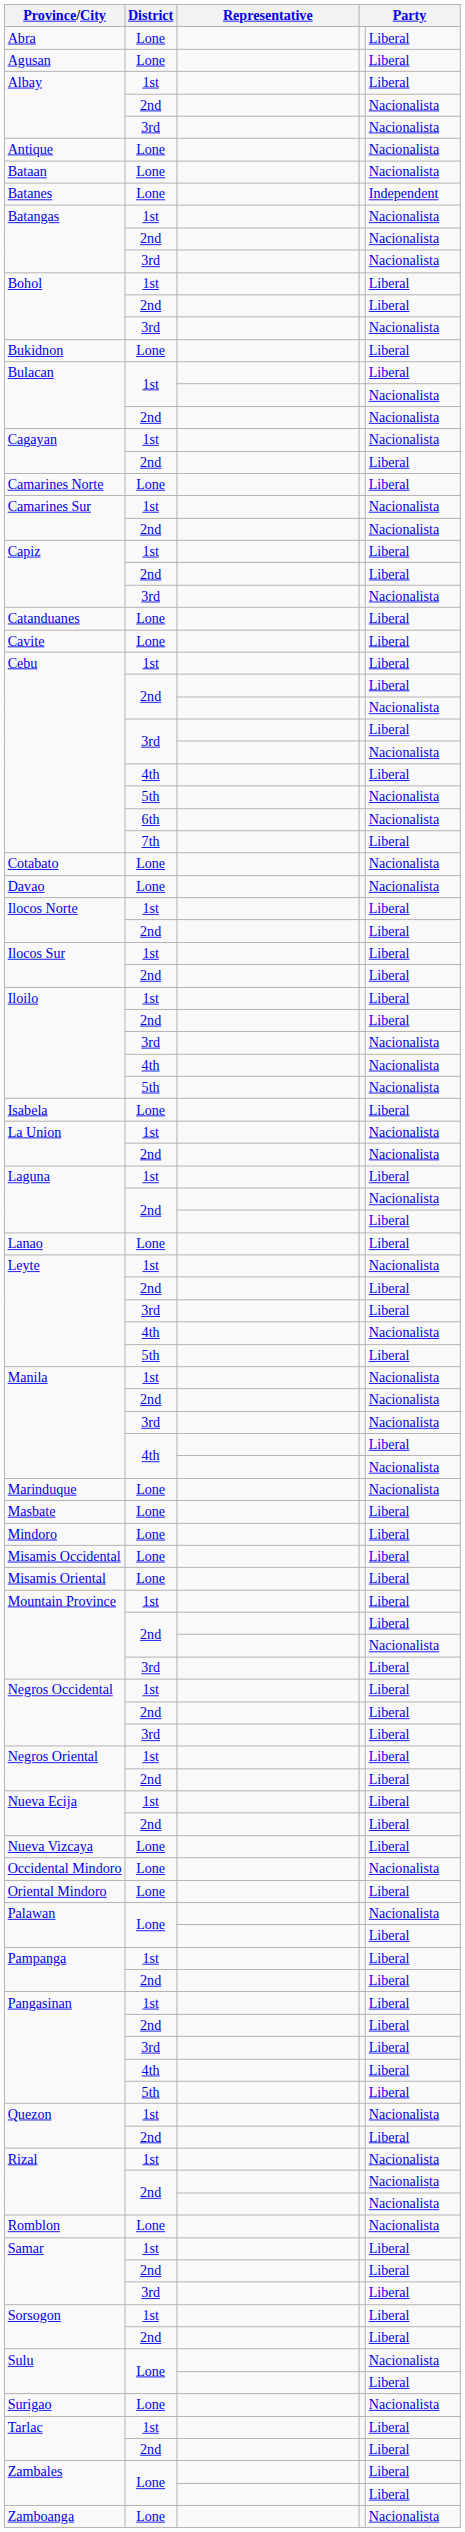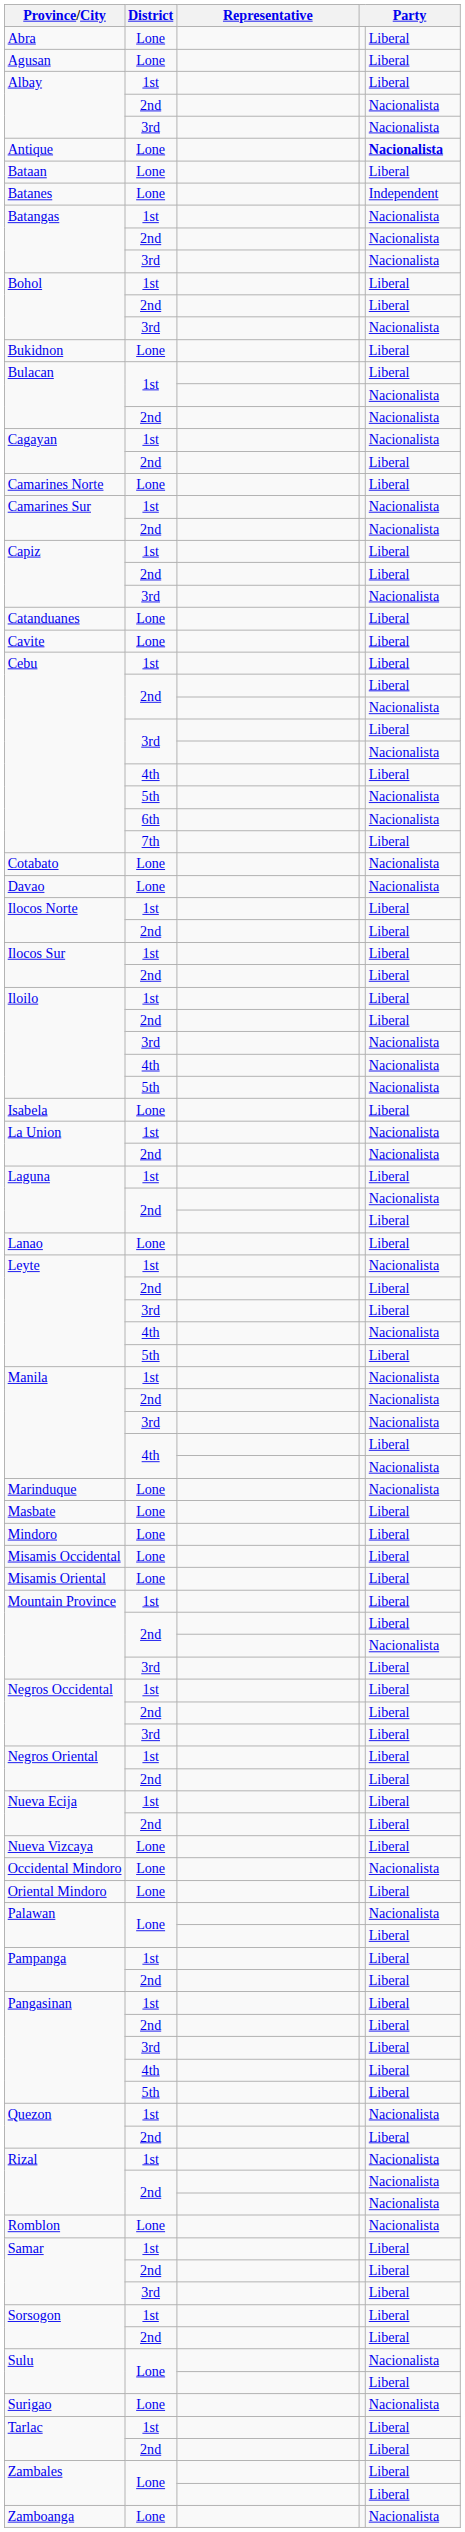 <table class="wikitable sortable">
 <tr>
 <th><a href='#'>Province</a>/<a href='#'>City</a></th>
 <th><a href='#'>District</a></th>
 <th width="200px"><a href='#'>Representative</a></th>
 <th colspan="2"><a href='#'>Party</a></th>
 </tr>
 <tr>
 <td valign="top"><a href='#'>Abra</a></td>
 <td align="center"><a href='#'>Lone</a></td>
 <td></td>
 <td></td>
 <td width="100px"><a href='#'>Liberal</a></td>
 </tr>
 <tr>
 <td valign="top"><a href='#'>Agusan</a></td>
 <td align="center"><a href='#'>Lone</a></td>
 <td></td>
 <td></td>
 <td><a href='#'>Liberal</a></td>
 </tr>
 <tr>
 <td rowspan="3" valign="top"><a href='#'>Albay</a></td>
 <td align="center"><a href='#'>1st</a></td>
 <td></td>
 <td></td>
 <td><a href='#'>Liberal</a></td>
 </tr>
 <tr>
 <td align="center"><a href='#'>2nd</a></td>
 <td></td>
 <td></td>
 <td><a href='#'>Nacionalista</a></td>
 </tr>
 <tr>
 <td align="center"><a href='#'>3rd</a></td>
 <td></td>
 <td></td>
 <td><a href='#'>Nacionalista</a></td>
 </tr>
 <tr>
 <td><a href='#'>Antique</a></td>
 <td align="center"><a href='#'>Lone</a></td>
 <td></td>
 <td></td>
-<td><a href='#'>Nacionalista</a></td>
+<td><strong><a href='#'>Nacionalista</a></strong></td>
 </tr>
 <tr>
 <td valign="top"><a href='#'>Bataan</a></td>
 <td align="center"><a href='#'>Lone</a></td>
 <td></td>
 <td></td>
-<td><a href='#'>Nacionalista</a></td>
+<td><a href='#'>Liberal</a></td>
 </tr>
 <tr>
 <td valign="top"><a href='#'>Batanes</a></td>
 <td align="center"><a href='#'>Lone</a></td>
 <td></td>
 <td></td>
 <td><a href='#'>Independent</a></td>
 </tr>
 <tr>
 <td rowspan="3" valign="top"><a href='#'>Batangas</a></td>
 <td align="center"><a href='#'>1st</a></td>
 <td></td>
 <td></td>
 <td><a href='#'>Nacionalista</a></td>
 </tr>
 <tr>
 <td align="center"><a href='#'>2nd</a></td>
 <td></td>
 <td></td>
 <td><a href='#'>Nacionalista</a></td>
 </tr>
 <tr>
 <td align="center"><a href='#'>3rd</a></td>
 <td></td>
 <td></td>
 <td><a href='#'>Nacionalista</a></td>
 </tr>
 <tr>
 <td rowspan="3" valign="top"><a href='#'>Bohol</a></td>
 <td align="center"><a href='#'>1st</a></td>
 <td></td>
 <td></td>
 <td><a href='#'>Liberal</a></td>
 </tr>
 <tr>
 <td align="center"><a href='#'>2nd</a></td>
 <td></td>
 <td></td>
 <td><a href='#'>Liberal</a></td>
 </tr>
 <tr>
 <td align="center"><a href='#'>3rd</a></td>
 <td></td>
 <td></td>
 <td><a href='#'>Nacionalista</a></td>
 </tr>
 <tr>
 <td valign="top"><a href='#'>Bukidnon</a></td>
 <td align="center"><a href='#'>Lone</a></td>
 <td></td>
 <td></td>
 <td><a href='#'>Liberal</a></td>
 </tr>
 <tr>
 <td rowspan="3" valign="top"><a href='#'>Bulacan</a></td>
 <td rowspan="2" align="center"><a href='#'>1st</a></td>
 <td></td>
 <td></td>
 <td><a href='#'>Liberal</a></td>
 </tr>
 <tr>
 <td></td>
 <td></td>
 <td><a href='#'>Nacionalista</a></td>
 </tr>
 <tr>
 <td align="center"><a href='#'>2nd</a></td>
 <td></td>
 <td></td>
 <td><a href='#'>Nacionalista</a></td>
 </tr>
 <tr>
 <td rowspan="2" valign="top"><a href='#'>Cagayan</a></td>
 <td align="center"><a href='#'>1st</a></td>
 <td></td>
 <td></td>
 <td><a href='#'>Nacionalista</a></td>
 </tr>
 <tr>
 <td align="center"><a href='#'>2nd</a></td>
 <td></td>
 <td></td>
 <td><a href='#'>Liberal</a></td>
 </tr>
 <tr>
 <td valign="top"><a href='#'>Camarines Norte</a></td>
 <td align="center"><a href='#'>Lone</a></td>
 <td></td>
 <td></td>
 <td><a href='#'>Liberal</a></td>
 </tr>
 <tr>
 <td rowspan="2" valign="top"><a href='#'>Camarines Sur</a></td>
 <td align="center"><a href='#'>1st</a></td>
 <td></td>
 <td></td>
 <td><a href='#'>Nacionalista</a></td>
 </tr>
 <tr>
 <td align="center"><a href='#'>2nd</a></td>
 <td></td>
 <td></td>
 <td><a href='#'>Nacionalista</a></td>
 </tr>
 <tr>
 <td rowspan="3" valign="top"><a href='#'>Capiz</a></td>
 <td align="center"><a href='#'>1st</a></td>
 <td></td>
 <td></td>
 <td><a href='#'>Liberal</a></td>
 </tr>
 <tr>
 <td align="center"><a href='#'>2nd</a></td>
 <td></td>
 <td></td>
 <td><a href='#'>Liberal</a></td>
 </tr>
 <tr>
 <td align="center"><a href='#'>3rd</a></td>
 <td></td>
 <td></td>
 <td><a href='#'>Nacionalista</a></td>
 </tr>
 <tr>
 <td valign="top"><a href='#'>Catanduanes</a></td>
 <td align="center"><a href='#'>Lone</a></td>
 <td></td>
 <td></td>
 <td><a href='#'>Liberal</a></td>
 </tr>
 <tr>
 <td valign="top"><a href='#'>Cavite</a></td>
 <td align="center"><a href='#'>Lone</a></td>
 <td></td>
 <td></td>
 <td><a href='#'>Liberal</a></td>
 </tr>
 <tr>
 <td rowspan="9" valign="top"><a href='#'>Cebu</a></td>
 <td align="center"><a href='#'>1st</a></td>
 <td></td>
 <td></td>
 <td><a href='#'>Liberal</a></td>
 </tr>
 <tr>
 <td rowspan="2" align="center"><a href='#'>2nd</a></td>
 <td></td>
 <td></td>
 <td><a href='#'>Liberal</a></td>
 </tr>
 <tr>
 <td></td>
 <td></td>
 <td><a href='#'>Nacionalista</a></td>
 </tr>
 <tr>
 <td rowspan="2" align="center"><a href='#'>3rd</a></td>
 <td></td>
 <td></td>
 <td><a href='#'>Liberal</a></td>
 </tr>
 <tr>
 <td></td>
 <td></td>
 <td><a href='#'>Nacionalista</a></td>
 </tr>
 <tr>
 <td align="center"><a href='#'>4th</a></td>
 <td></td>
 <td></td>
 <td><a href='#'>Liberal</a></td>
 </tr>
 <tr>
 <td align="center"><a href='#'>5th</a></td>
 <td></td>
 <td></td>
 <td><a href='#'>Nacionalista</a></td>
 </tr>
 <tr>
 <td align="center"><a href='#'>6th</a></td>
 <td></td>
 <td></td>
 <td><a href='#'>Nacionalista</a></td>
 </tr>
 <tr>
 <td align="center"><a href='#'>7th</a></td>
 <td></td>
 <td></td>
 <td><a href='#'>Liberal</a></td>
 </tr>
 <tr>
 <td valign="top"><a href='#'>Cotabato</a></td>
 <td align="center"><a href='#'>Lone</a></td>
 <td></td>
 <td></td>
 <td><a href='#'>Nacionalista</a></td>
 </tr>
 <tr>
 <td valign="top"><a href='#'>Davao</a></td>
 <td align="center"><a href='#'>Lone</a></td>
 <td></td>
 <td></td>
 <td><a href='#'>Nacionalista</a></td>
 </tr>
 <tr>
 <td rowspan="2" valign="top"><a href='#'>Ilocos Norte</a></td>
 <td align="center"><a href='#'>1st</a></td>
 <td></td>
 <td></td>
 <td><a href='#'>Liberal</a></td>
 </tr>
 <tr>
 <td align="center"><a href='#'>2nd</a></td>
 <td></td>
 <td></td>
 <td><a href='#'>Liberal</a></td>
 </tr>
 <tr>
 <td rowspan="2" valign="top"><a href='#'>Ilocos Sur</a></td>
 <td align="center"><a href='#'>1st</a></td>
 <td></td>
 <td></td>
 <td><a href='#'>Liberal</a></td>
 </tr>
 <tr>
 <td align="center"><a href='#'>2nd</a></td>
 <td></td>
 <td></td>
 <td><a href='#'>Liberal</a></td>
 </tr>
 <tr>
 <td rowspan="5" valign="top"><a href='#'>Iloilo</a></td>
 <td align="center"><a href='#'>1st</a></td>
 <td></td>
 <td></td>
 <td><a href='#'>Liberal</a></td>
 </tr>
 <tr>
 <td align="center"><a href='#'>2nd</a></td>
 <td></td>
 <td></td>
 <td><a href='#'>Liberal</a></td>
 </tr>
 <tr>
 <td align="center"><a href='#'>3rd</a></td>
 <td></td>
 <td></td>
 <td><a href='#'>Nacionalista</a></td>
 </tr>
 <tr>
 <td align="center"><a href='#'>4th</a></td>
 <td></td>
 <td></td>
 <td><a href='#'>Nacionalista</a></td>
 </tr>
 <tr>
 <td align="center"><a href='#'>5th</a></td>
 <td></td>
 <td></td>
 <td><a href='#'>Nacionalista</a></td>
 </tr>
 <tr>
 <td valign="top"><a href='#'>Isabela</a></td>
 <td align="center"><a href='#'>Lone</a></td>
 <td></td>
 <td></td>
 <td><a href='#'>Liberal</a></td>
 </tr>
 <tr>
 <td rowspan="2" valign="top"><a href='#'>La Union</a></td>
 <td align="center"><a href='#'>1st</a></td>
 <td></td>
 <td></td>
 <td><a href='#'>Nacionalista</a></td>
 </tr>
 <tr>
 <td align="center"><a href='#'>2nd</a></td>
 <td></td>
 <td></td>
 <td><a href='#'>Nacionalista</a></td>
 </tr>
 <tr>
 <td rowspan="3" valign="top"><a href='#'>Laguna</a></td>
 <td align="center"><a href='#'>1st</a></td>
 <td></td>
 <td></td>
 <td><a href='#'>Liberal</a></td>
 </tr>
 <tr>
 <td rowspan="2" align="center"><a href='#'>2nd</a></td>
 <td></td>
 <td></td>
 <td><a href='#'>Nacionalista</a></td>
 </tr>
 <tr>
 <td></td>
 <td></td>
 <td><a href='#'>Liberal</a></td>
 </tr>
 <tr>
 <td valign="top"><a href='#'>Lanao</a></td>
 <td align="center"><a href='#'>Lone</a></td>
 <td></td>
 <td></td>
 <td><a href='#'>Liberal</a></td>
 </tr>
 <tr>
 <td rowspan="5" valign="top"><a href='#'>Leyte</a></td>
 <td align="center"><a href='#'>1st</a></td>
 <td></td>
 <td></td>
 <td><a href='#'>Nacionalista</a></td>
 </tr>
 <tr>
 <td align="center"><a href='#'>2nd</a></td>
 <td></td>
 <td></td>
 <td><a href='#'>Liberal</a></td>
 </tr>
 <tr>
 <td align="center"><a href='#'>3rd</a></td>
 <td></td>
 <td></td>
 <td><a href='#'>Liberal</a></td>
 </tr>
 <tr>
 <td align="center"><a href='#'>4th</a></td>
 <td></td>
 <td></td>
 <td><a href='#'>Nacionalista</a></td>
 </tr>
 <tr>
 <td align="center"><a href='#'>5th</a></td>
 <td></td>
 <td></td>
 <td><a href='#'>Liberal</a></td>
 </tr>
 <tr>
 <td rowspan="5" valign="top"><a href='#'>Manila</a></td>
 <td align="center"><a href='#'>1st</a></td>
 <td></td>
 <td></td>
 <td><a href='#'>Nacionalista</a></td>
 </tr>
 <tr>
 <td align="center"><a href='#'>2nd</a></td>
 <td></td>
 <td></td>
 <td><a href='#'>Nacionalista</a></td>
 </tr>
 <tr>
 <td align="center"><a href='#'>3rd</a></td>
 <td></td>
 <td></td>
 <td><a href='#'>Nacionalista</a></td>
 </tr>
 <tr>
 <td rowspan="2"  align="center"><a href='#'>4th</a></td>
 <td></td>
 <td></td>
 <td><a href='#'>Liberal</a></td>
 </tr>
 <tr>
 <td></td>
 <td></td>
 <td><a href='#'>Nacionalista</a></td>
 </tr>
 <tr>
 <td valign="top"><a href='#'>Marinduque</a></td>
 <td align="center"><a href='#'>Lone</a></td>
 <td></td>
 <td></td>
 <td><a href='#'>Nacionalista</a></td>
 </tr>
 <tr>
 <td valign="top"><a href='#'>Masbate</a></td>
 <td align="center"><a href='#'>Lone</a></td>
 <td></td>
 <td></td>
 <td><a href='#'>Liberal</a></td>
 </tr>
 <tr>
 <td valign="top"><a href='#'>Mindoro</a></td>
 <td align="center"><a href='#'>Lone</a></td>
 <td></td>
 <td></td>
 <td><a href='#'>Liberal</a></td>
 </tr>
 <tr>
 <td valign="top"><a href='#'>Misamis Occidental</a></td>
 <td align="center"><a href='#'>Lone</a></td>
 <td></td>
 <td></td>
 <td><a href='#'>Liberal</a></td>
 </tr>
 <tr>
 <td valign="top"><a href='#'>Misamis Oriental</a></td>
 <td align="center"><a href='#'>Lone</a></td>
 <td></td>
 <td></td>
 <td><a href='#'>Liberal</a></td>
 </tr>
 <tr>
 <td rowspan="4" valign="top"><a href='#'>Mountain Province</a></td>
 <td align="center"><a href='#'>1st</a></td>
 <td></td>
 <td></td>
 <td><a href='#'>Liberal</a></td>
 </tr>
 <tr>
 <td rowspan="2" align="center"><a href='#'>2nd</a></td>
 <td></td>
 <td></td>
 <td><a href='#'>Liberal</a></td>
 </tr>
 <tr>
 <td></td>
 <td></td>
 <td><a href='#'>Nacionalista</a></td>
 </tr>
 <tr>
 <td align="center"><a href='#'>3rd</a></td>
 <td></td>
 <td></td>
 <td><a href='#'>Liberal</a></td>
 </tr>
 <tr>
 <td rowspan="3" valign="top"><a href='#'>Negros Occidental</a></td>
 <td align="center"><a href='#'>1st</a></td>
 <td></td>
 <td></td>
 <td><a href='#'>Liberal</a></td>
 </tr>
 <tr>
 <td align="center"><a href='#'>2nd</a></td>
 <td></td>
 <td></td>
 <td><a href='#'>Liberal</a></td>
 </tr>
 <tr>
 <td align="center"><a href='#'>3rd</a></td>
 <td></td>
 <td></td>
 <td><a href='#'>Liberal</a></td>
 </tr>
 <tr>
 <td rowspan="2" valign="top"><a href='#'>Negros Oriental</a></td>
 <td align="center"><a href='#'>1st</a></td>
 <td></td>
 <td></td>
 <td><a href='#'>Liberal</a></td>
 </tr>
 <tr>
 <td align="center"><a href='#'>2nd</a></td>
 <td></td>
 <td></td>
 <td><a href='#'>Liberal</a></td>
 </tr>
 <tr>
 <td rowspan="2" valign="top"><a href='#'>Nueva Ecija</a></td>
 <td align="center"><a href='#'>1st</a></td>
 <td></td>
 <td></td>
 <td><a href='#'>Liberal</a></td>
 </tr>
 <tr>
 <td align="center"><a href='#'>2nd</a></td>
 <td></td>
 <td></td>
 <td><a href='#'>Liberal</a></td>
 </tr>
 <tr>
 <td valign="top"><a href='#'>Nueva Vizcaya</a></td>
 <td align="center"><a href='#'>Lone</a></td>
 <td></td>
 <td></td>
 <td><a href='#'>Liberal</a></td>
 </tr>
 <tr>
 <td valign="top"><a href='#'>Occidental Mindoro</a></td>
 <td align="center"><a href='#'>Lone</a></td>
 <td></td>
 <td></td>
 <td><a href='#'>Nacionalista</a></td>
 </tr>
 <tr>
 <td valign="top"><a href='#'>Oriental Mindoro</a></td>
 <td align="center"><a href='#'>Lone</a></td>
 <td></td>
 <td></td>
 <td><a href='#'>Liberal</a></td>
 </tr>
 <tr>
 <td rowspan="2" valign="top"><a href='#'>Palawan</a></td>
 <td rowspan="2" align="center"><a href='#'>Lone</a></td>
 <td></td>
 <td></td>
 <td><a href='#'>Nacionalista</a></td>
 </tr>
 <tr>
 <td></td>
 <td></td>
 <td><a href='#'>Liberal</a></td>
 </tr>
 <tr>
 <td rowspan="2" valign="top"><a href='#'>Pampanga</a></td>
 <td align="center"><a href='#'>1st</a></td>
 <td></td>
 <td></td>
 <td><a href='#'>Liberal</a></td>
 </tr>
 <tr>
 <td align="center"><a href='#'>2nd</a></td>
 <td></td>
 <td></td>
 <td><a href='#'>Liberal</a></td>
 </tr>
 <tr>
 <td rowspan="5" valign="top"><a href='#'>Pangasinan</a></td>
 <td align="center"><a href='#'>1st</a></td>
 <td></td>
 <td></td>
 <td><a href='#'>Liberal</a></td>
 </tr>
 <tr>
 <td align="center"><a href='#'>2nd</a></td>
 <td></td>
 <td></td>
 <td><a href='#'>Liberal</a></td>
 </tr>
 <tr>
 <td align="center"><a href='#'>3rd</a></td>
 <td></td>
 <td></td>
 <td><a href='#'>Liberal</a></td>
 </tr>
 <tr>
 <td align="center"><a href='#'>4th</a></td>
 <td></td>
 <td></td>
 <td><a href='#'>Liberal</a></td>
 </tr>
 <tr>
 <td align="center"><a href='#'>5th</a></td>
 <td></td>
 <td></td>
 <td><a href='#'>Liberal</a></td>
 </tr>
 <tr>
 <td rowspan="2"  valign="top"><a href='#'>Quezon</a></td>
 <td align="center"><a href='#'>1st</a></td>
 <td></td>
 <td></td>
 <td><a href='#'>Nacionalista</a></td>
 </tr>
 <tr>
 <td align="center"><a href='#'>2nd</a></td>
 <td></td>
 <td></td>
 <td><a href='#'>Liberal</a></td>
 </tr>
 <tr>
 <td rowspan="3" valign="top"><a href='#'>Rizal</a></td>
 <td align="center"><a href='#'>1st</a></td>
 <td></td>
 <td></td>
 <td><a href='#'>Nacionalista</a></td>
 </tr>
 <tr>
 <td rowspan="2" align="center"><a href='#'>2nd</a></td>
 <td></td>
 <td></td>
 <td><a href='#'>Nacionalista</a></td>
 </tr>
 <tr>
 <td></td>
 <td></td>
 <td><a href='#'>Nacionalista</a></td>
 </tr>
 <tr>
 <td valign="top"><a href='#'>Romblon</a></td>
 <td align="center"><a href='#'>Lone</a></td>
 <td></td>
 <td></td>
 <td><a href='#'>Nacionalista</a></td>
 </tr>
 <tr>
 <td rowspan="3" valign="top"><a href='#'>Samar</a></td>
 <td align="center"><a href='#'>1st</a></td>
 <td></td>
 <td></td>
 <td><a href='#'>Liberal</a></td>
 </tr>
 <tr>
 <td align="center"><a href='#'>2nd</a></td>
 <td></td>
 <td></td>
 <td><a href='#'>Liberal</a></td>
 </tr>
 <tr>
 <td align="center"><a href='#'>3rd</a></td>
 <td></td>
 <td></td>
 <td><a href='#'>Liberal</a></td>
 </tr>
 <tr>
 <td rowspan="2" valign="top"><a href='#'>Sorsogon</a></td>
 <td align="center"><a href='#'>1st</a></td>
 <td></td>
 <td></td>
 <td><a href='#'>Liberal</a></td>
 </tr>
 <tr>
 <td align="center"><a href='#'>2nd</a></td>
 <td></td>
 <td></td>
 <td><a href='#'>Liberal</a></td>
 </tr>
 <tr>
 <td rowspan="2" valign="top"><a href='#'>Sulu</a></td>
 <td rowspan="2" align="center"><a href='#'>Lone</a></td>
 <td></td>
 <td></td>
 <td><a href='#'>Nacionalista</a></td>
 </tr>
 <tr>
 <td></td>
 <td></td>
 <td><a href='#'>Liberal</a></td>
 </tr>
 <tr>
 <td valign="top"><a href='#'>Surigao</a></td>
 <td align="center"><a href='#'>Lone</a></td>
 <td></td>
 <td></td>
 <td><a href='#'>Nacionalista</a></td>
 </tr>
 <tr>
 <td rowspan="2" valign="top"><a href='#'>Tarlac</a></td>
 <td align="center"><a href='#'>1st</a></td>
 <td></td>
 <td></td>
 <td><a href='#'>Liberal</a></td>
 </tr>
 <tr>
 <td align="center"><a href='#'>2nd</a></td>
 <td></td>
 <td></td>
 <td><a href='#'>Liberal</a></td>
 </tr>
 <tr>
 <td rowspan="2" valign="top"><a href='#'>Zambales</a></td>
 <td rowspan="2" align="center"><a href='#'>Lone</a></td>
 <td></td>
 <td></td>
 <td><a href='#'>Liberal</a></td>
 </tr>
 <tr>
 <td></td>
 <td></td>
 <td><a href='#'>Liberal</a></td>
 </tr>
 <tr>
 <td valign="top"><a href='#'>Zamboanga</a></td>
 <td align="center"><a href='#'>Lone</a></td>
 <td></td>
 <td></td>
 <td><a href='#'>Nacionalista</a></td>
 </tr>
 </table>
